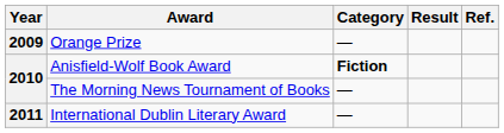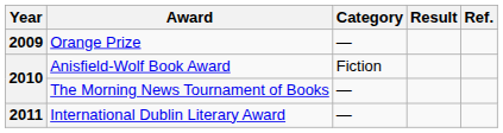 <table class="wikitable sortable">
 <tr>
 <th>Year</th>
 <th>Award</th>
 <th>Category</th>
 <th>Result</th>
 <th>Ref.</th>
 </tr>
 <tr>
 <th>2009</th>
 <td><a href='#'>Orange Prize</a></td>
 <td>—</td>
 <td></td>
 <td></td>
 </tr>
 <tr>
 <th rowspan="2">2010</th>
 <td><a href='#'>Anisfield-Wolf Book Award</a></td>
-<td><strong>Fiction</strong></td>
+<td>Fiction</td>
 <td></td>
 <td></td>
 </tr>
 <tr>
 <td><a href='#'>The Morning News Tournament of Books</a></td>
 <td>—</td>
 <td></td>
 <td></td>
 </tr>
 <tr>
 <th>2011</th>
 <td><a href='#'>International Dublin Literary Award</a></td>
 <td>—</td>
 <td></td>
 <td></td>
 </tr>
 </table>
